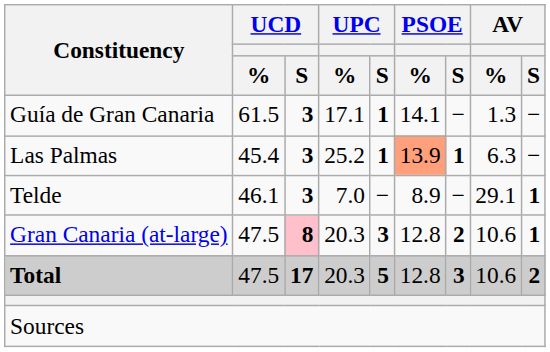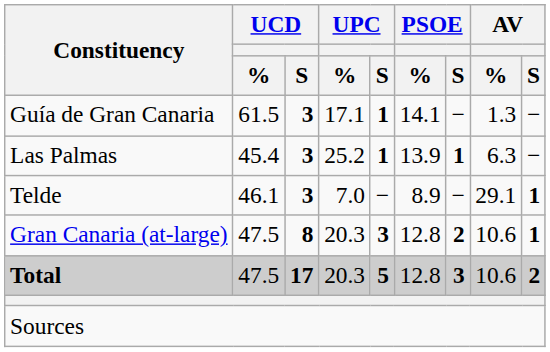 <table class="wikitable sortable" style="text-align:right; line-height:20px;">
 <tr>
 <th rowspan="3">Constituency</th>
 <th colspan="2" width="30px" class="unsortable"><a href='#'>UCD</a></th>
 <th colspan="2" width="30px" class="unsortable"><a href='#'>UPC</a></th>
 <th colspan="2" width="30px" class="unsortable"><a href='#'>PSOE</a></th>
 <th colspan="2" width="30px" class="unsortable">AV</th>
 </tr>
 <tr>
 <th colspan="2" style="background:"></th>
 <th colspan="2" style="background:"></th>
 <th colspan="2" style="background:"></th>
 <th colspan="2" style="background:"></th>
 </tr>
 <tr>
 <th data-sort-type="number">%</th>
 <th data-sort-type="number">S</th>
 <th data-sort-type="number">%</th>
 <th data-sort-type="number">S</th>
 <th data-sort-type="number">%</th>
 <th data-sort-type="number">S</th>
 <th data-sort-type="number">%</th>
 <th data-sort-type="number">S</th>
 </tr>
 <tr>
 <td align="left">Guía de Gran Canaria</td>
 <td style="background:">61.5</td>
 <td><strong>3</strong></td>
 <td>17.1</td>
 <td><strong>1</strong></td>
 <td>14.1</td>
 <td>−</td>
 <td>1.3</td>
 <td>−</td>
 </tr>
 <tr>
 <td align="left">Las Palmas</td>
 <td style="background:">45.4</td>
 <td><strong>3</strong></td>
 <td>25.2</td>
 <td><strong>1</strong></td>
-<td style="background: lightsalmon;">13.9</td>
+<td>13.9</td>
 <td><strong>1</strong></td>
 <td>6.3</td>
 <td>−</td>
 </tr>
 <tr>
 <td align="left">Telde</td>
 <td style="background:">46.1</td>
 <td><strong>3</strong></td>
 <td>7.0</td>
 <td>−</td>
 <td>8.9</td>
 <td>−</td>
 <td>29.1</td>
 <td><strong>1</strong></td>
 </tr>
 <tr>
 <td align="left"><a href='#'>Gran Canaria (at-large)</a></td>
 <td style="background:">47.5</td>
-<td style="background: pink;"><strong>8</strong></td>
+<td><strong>8</strong></td>
 <td>20.3</td>
 <td><strong>3</strong></td>
 <td>12.8</td>
 <td><strong>2</strong></td>
 <td>10.6</td>
 <td><strong>1</strong></td>
 </tr>
 <tr style="background:#CDCDCD;">
 <td align="left"><strong>Total</strong></td>
 <td style="background:">47.5</td>
 <td><strong>17</strong></td>
 <td>20.3</td>
 <td><strong>5</strong></td>
 <td>12.8</td>
 <td><strong>3</strong></td>
 <td>10.6</td>
 <td><strong>2</strong></td>
 </tr>
 <tr>
 <th colspan="9"></th>
 </tr>
 <tr>
 <th style="text-align:left; font-weight:normal; background:#F9F9F9" colspan="9">Sources</th>
 </tr>
 </table>
